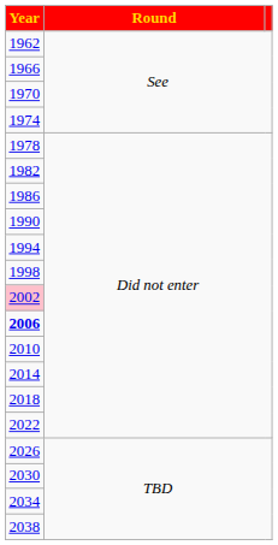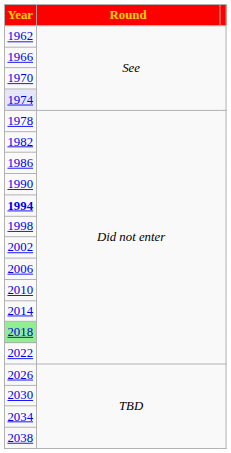 <table class="wikitable" style="text-align: center; font-size:90%">
 <tr style="color:gold;">
 <th style="background:#FF0000;">Year</th>
 <th style="background:#FF0000; width:200px">Round</th>
 <th style="background:#FF0000;"></th>
 </tr>
 <tr>
 <td><a href='#'>1962</a></td>
 <td colspan="2" rowspan="4"><em>See </em></td>
 </tr>
 <tr>
 <td><a href='#'>1966</a></td>
 </tr>
 <tr>
 <td><a href='#'>1970</a></td>
 </tr>
 <tr>
-<td><a href='#'>1974</a></td>
+<td style="background: lavender;"><a href='#'>1974</a></td>
 </tr>
 <tr>
 <td><a href='#'>1978</a></td>
 <td colspan="2" rowspan="12"><em>Did not enter</em></td>
 </tr>
 <tr>
 <td><a href='#'>1982</a></td>
 </tr>
 <tr>
 <td><a href='#'>1986</a></td>
 </tr>
 <tr>
 <td><a href='#'>1990</a></td>
 </tr>
 <tr>
-<td><a href='#'>1994</a></td>
+<td><strong><a href='#'>1994</a></strong></td>
 </tr>
 <tr>
 <td><a href='#'>1998</a></td>
 </tr>
 <tr>
-<td style="background: pink;"><a href='#'>2002</a></td>
+<td><a href='#'>2002</a></td>
 </tr>
 <tr>
-<td><strong><a href='#'>2006</a></strong></td>
+<td><a href='#'>2006</a></td>
 </tr>
 <tr>
 <td><a href='#'>2010</a></td>
 </tr>
 <tr>
 <td><a href='#'>2014</a></td>
 </tr>
 <tr>
-<td><a href='#'>2018</a></td>
+<td style="background: lightgreen;"><a href='#'>2018</a></td>
 </tr>
 <tr>
 <td><a href='#'>2022</a></td>
 </tr>
 <tr>
 <td><a href='#'>2026</a></td>
 <td colspan="2" rowspan="4"><em>TBD</em></td>
 </tr>
 <tr>
 <td><a href='#'>2030</a></td>
 </tr>
 <tr>
 <td><a href='#'>2034</a></td>
 </tr>
 <tr>
 <td><a href='#'>2038</a></td>
 </tr>
 </table>
